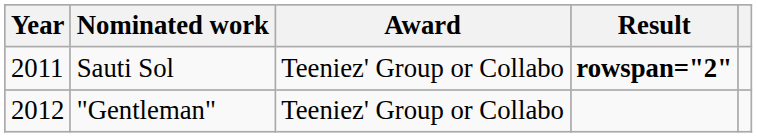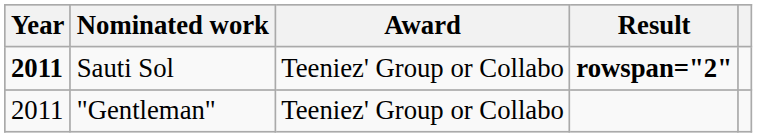 <table class ="wikitable">
 <tr>
 <th>Year</th>
 <th>Nominated work</th>
 <th>Award</th>
 <th>Result</th>
 <th></th>
 </tr>
 <tr>
-<td>2011</td>
+<td><strong>2011</strong></td>
 <td>Sauti Sol</td>
 <td>Teeniez' Group or Collabo</td>
 <td><strong>rowspan="2" </strong></td>
 <td></td>
 </tr>
 <tr>
-<td>2012</td>
+<td>2011</td>
 <td>"Gentleman" </td>
 <td>Teeniez' Group or Collabo</td>
 <td></td>
 </tr>
 </table>
